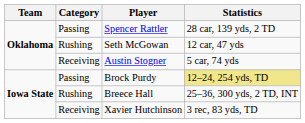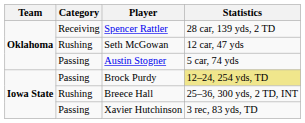 <table class="wikitable" style="float: right;">
 <tr>
 <th>Team</th>
 <th>Category</th>
 <th>Player</th>
 <th>Statistics</th>
 </tr>
 <tr>
 <td rowspan=3><strong>Oklahoma</strong></td>
-<td>Passing</td>
+<td>Receiving</td>
 <td><a href='#'>Spencer Rattler</a></td>
 <td>28 car, 139 yds, 2 TD</td>
 </tr>
 <tr>
 <td>Rushing</td>
 <td>Seth McGowan</td>
 <td>12 car, 47 yds</td>
 </tr>
 <tr>
-<td>Receiving</td>
+<td>Passing</td>
 <td><a href='#'>Austin Stogner</a></td>
 <td>5 car, 74 yds</td>
 </tr>
 <tr>
 <td rowspan=3><strong>Iowa State</strong></td>
 <td>Passing</td>
 <td>Brock Purdy</td>
 <td style="background: khaki;">12–24, 254 yds, TD</td>
 </tr>
 <tr>
 <td>Rushing</td>
 <td>Breece Hall</td>
 <td>25–36, 300 yds, 2 TD, INT</td>
 </tr>
 <tr>
-<td>Receiving</td>
+<td>Passing</td>
 <td>Xavier Hutchinson</td>
 <td>3 rec, 83 yds, TD</td>
 </tr>
 </table>
